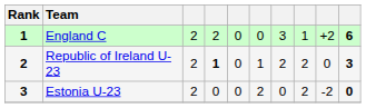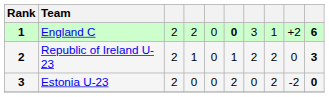 <table class="wikitable" style="text-align:center">
 <tr>
 <th width=30>Rank</th>
 <th width=165 style="text-align:left;">Team</th>
 <th width=20></th>
 <th width=20></th>
 <th width=20></th>
 <th width=20></th>
 <th width=20></th>
 <th width=20></th>
 <th width=20></th>
 <th width=20></th>
 </tr>
 <tr align=center style="background:#ccffcc;">
 <td><strong>1</strong></td>
 <td style="text-align:left;"> <a href='#'>England C</a></td>
 <td>2</td>
 <td>2</td>
 <td>0</td>
-<td>0</td>
+<td><strong>0</strong></td>
 <td>3</td>
 <td>1</td>
 <td>+2</td>
 <td><strong>6</strong></td>
 </tr>
 <tr align=center style="background:#f5f5f5;">
 <td><strong>2</strong></td>
 <td style="text-align:left;"> <a href='#'>Republic of Ireland U-23</a></td>
 <td>2</td>
-<td><strong>1</strong></td>
+<td>1</td>
 <td>0</td>
 <td>1</td>
 <td>2</td>
 <td>2</td>
 <td>0</td>
 <td><strong>3</strong></td>
 </tr>
 <tr align=center style="background:#f5f5f5;">
 <td><strong>3</strong></td>
 <td style="text-align:left;"> <a href='#'>Estonia U-23</a></td>
 <td>2</td>
 <td>0</td>
 <td>0</td>
 <td>2</td>
 <td>0</td>
 <td>2</td>
 <td>-2</td>
 <td><strong>0</strong></td>
 </tr>
 <tr>
 </tr>
 </table>
